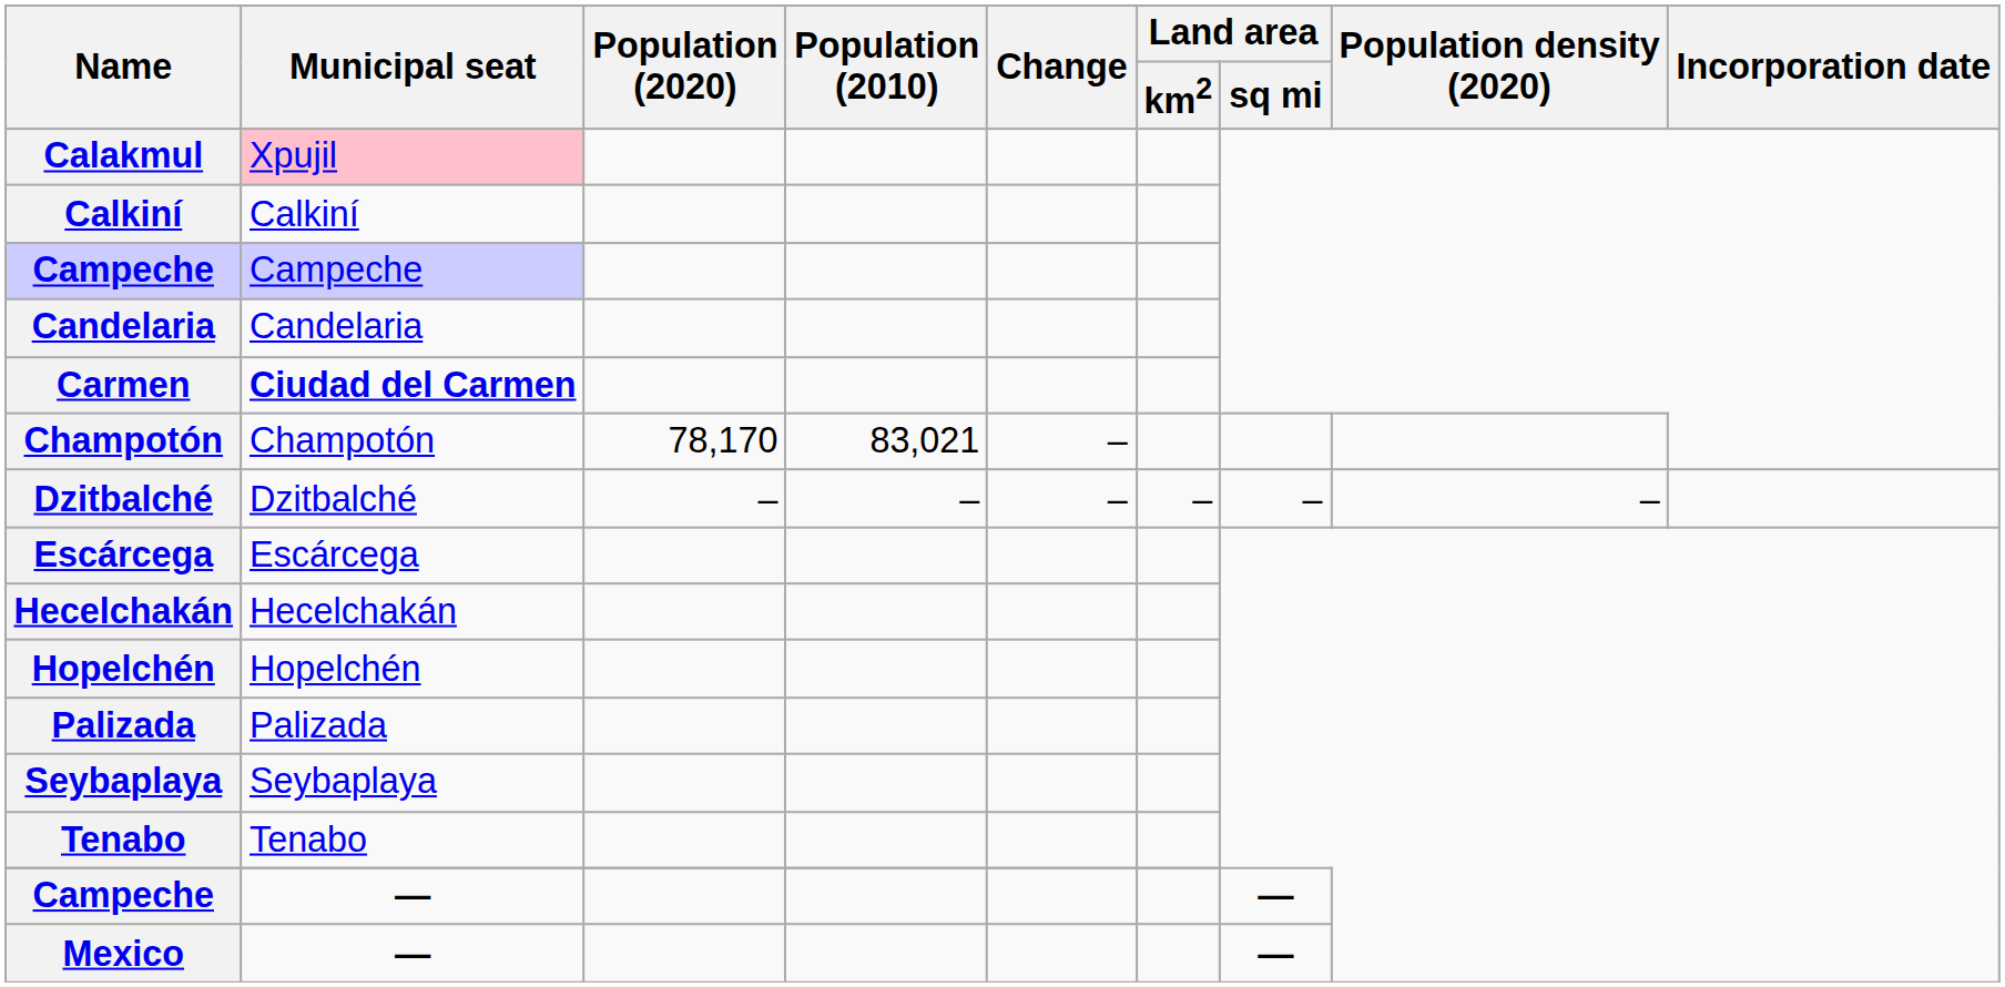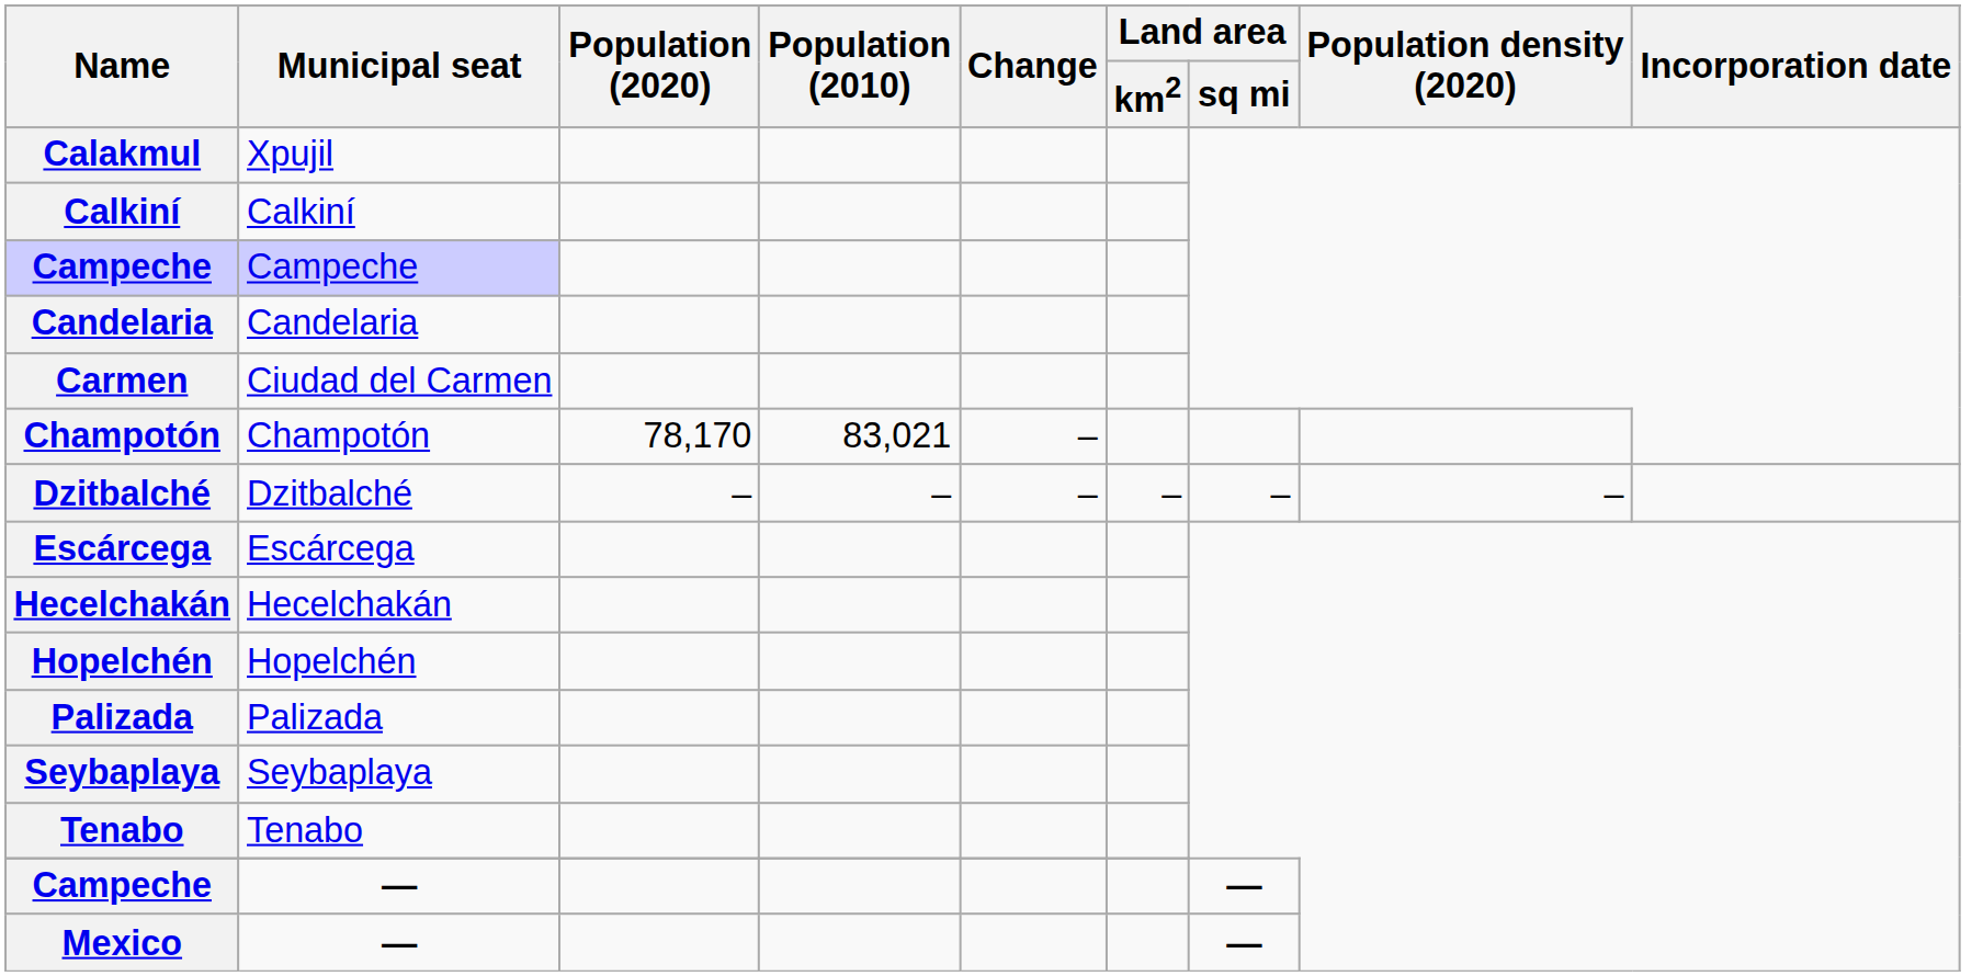 <table class="wikitable sortable" style="text-align:right;">
 <tr>
 </tr>
 <tr>
 <th scope="col"  rowspan=2>Name</th>
 <th scope="col"  rowspan=2>Municipal seat</th>
 <th scope="col"  rowspan=2>Population<br>(2020)</th>
 <th scope="col"  rowspan=2>Population<br>(2010)</th>
 <th scope="col"  rowspan=2>Change</th>
 <th scope="col" data-sort-type="number"  colspan=2>Land area</th>
 <th scope="col" data-sort-type="number"  rowspan=2>Population density<br>(2020)</th>
 <th scope="col"  rowspan=2>Incorporation date</th>
 </tr>
 <tr>
 <th scope="col">km<sup>2</sup></th>
 <th scope="col">sq mi</th>
 </tr>
 <tr>
 <th scope="row" align="left"><a href='#'>Calakmul</a></th>
-<td align=left style="background: pink;"><a href='#'>Xpujil</a></td>
+<td align=left><a href='#'>Xpujil</a></td>
 <td></td>
 <td></td>
 <td></td>
 <td></td>
 </tr>
 <tr>
 <th scope="row" align="left"><a href='#'>Calkiní</a></th>
 <td align=left><a href='#'>Calkiní</a></td>
 <td></td>
 <td></td>
 <td></td>
 <td></td>
 </tr>
 <tr>
 <th scope="row" align="left" style="background:#CCF;"><a href='#'>Campeche</a></th>
 <td align=left style="background:#CCF;"><a href='#'>Campeche</a></td>
 <td></td>
 <td></td>
 <td></td>
 <td></td>
 </tr>
 <tr>
 <th scope="row" align="left"><a href='#'>Candelaria</a></th>
 <td align=left><a href='#'>Candelaria</a></td>
 <td></td>
 <td></td>
 <td></td>
 <td></td>
 </tr>
 <tr>
 <th scope="row" align="left"><a href='#'>Carmen</a></th>
-<td align=left><strong><a href='#'>Ciudad del Carmen</a></strong></td>
+<td align=left><a href='#'>Ciudad del Carmen</a></td>
 <td></td>
 <td></td>
 <td></td>
 <td></td>
 </tr>
 <tr>
 <th scope="row" align="left"><a href='#'>Champotón</a></th>
 <td align=left><a href='#'>Champotón</a></td>
 <td>78,170</td>
 <td>83,021</td>
 <td>–</td>
 <td></td>
 <td></td>
 <td></td>
 </tr>
 <tr>
 <th scope="row" align="left"><a href='#'>Dzitbalché</a></th>
 <td align=left><a href='#'>Dzitbalché</a></td>
 <td>–</td>
 <td>–</td>
 <td>–</td>
 <td>–</td>
 <td>–</td>
 <td>–</td>
 <td></td>
 </tr>
 <tr>
 <th scope="row" align="left"><a href='#'>Escárcega</a></th>
 <td align=left><a href='#'>Escárcega</a></td>
 <td></td>
 <td></td>
 <td></td>
 <td></td>
 </tr>
 <tr>
 <th scope="row" align="left"><a href='#'>Hecelchakán</a></th>
 <td align=left><a href='#'>Hecelchakán</a></td>
 <td></td>
 <td></td>
 <td></td>
 <td></td>
 </tr>
 <tr>
 <th scope="row" align="left"><a href='#'>Hopelchén</a></th>
 <td align=left><a href='#'>Hopelchén</a></td>
 <td></td>
 <td></td>
 <td></td>
 <td></td>
 </tr>
 <tr>
 <th scope="row" align="left"><a href='#'>Palizada</a></th>
 <td align=left><a href='#'>Palizada</a></td>
 <td></td>
 <td></td>
 <td></td>
 <td></td>
 </tr>
 <tr>
 <th scope="row" align="left"><a href='#'>Seybaplaya</a></th>
 <td align=left><a href='#'>Seybaplaya</a></td>
 <td></td>
 <td></td>
 <td></td>
 <td></td>
 </tr>
 <tr>
 <th scope="row" align="left"><a href='#'>Tenabo</a></th>
 <td align=left><a href='#'>Tenabo</a></td>
 <td></td>
 <td></td>
 <td></td>
 <td></td>
 </tr>
 <tr>
 </tr>
 <tr class="sortbottom" style="text-align:center;" style="background: #f2f2f2;">
 <th scope="row" align="left"><strong><a href='#'>Campeche</a></strong></th>
 <td><strong>—</strong></td>
 <td></td>
 <td><strong></strong></td>
 <td><strong></strong></td>
 <td align="right"><strong></strong></td>
 <td><strong>—</strong></td>
 </tr>
 <tr class="sortbottom" style="text-align:center;" style="background: #f2f2f2;">
 <th scope="row" align="left"><strong><a href='#'>Mexico</a></strong></th>
 <td><strong>—</strong></td>
 <td></td>
 <td><strong></strong></td>
 <td><strong></strong></td>
 <td align="right"><strong></strong></td>
 <td><strong>—</strong></td>
 </tr>
 </table>
